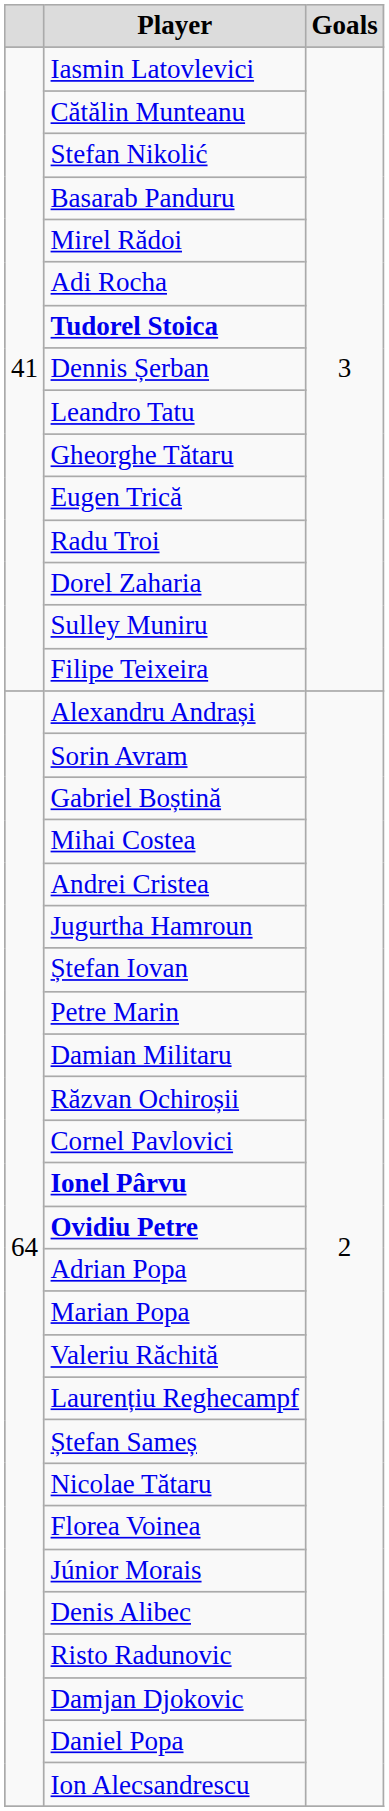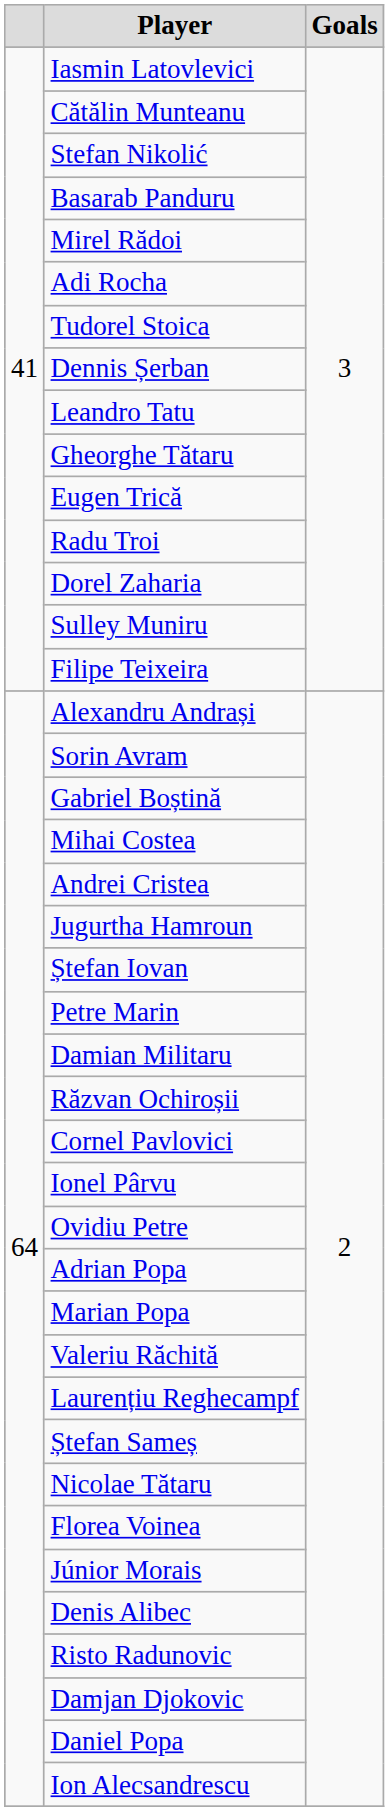 <table border="0" class="wikitable">
 <tr>
 <th width="15" style="background:#DCDCDC"></th>
 <th style="background:#DCDCDC">Player</th>
 <th style="background:#DCDCDC">Goals</th>
 </tr>
 <tr>
 <td rowspan="15" align=left>41</td>
 <td><a href='#'>Iasmin Latovlevici</a></td>
 <td rowspan="15" align=center>3</td>
 </tr>
 <tr>
 <td><a href='#'>Cătălin Munteanu</a></td>
 </tr>
 <tr>
 <td> <a href='#'>Stefan Nikolić</a></td>
 </tr>
 <tr>
 <td><a href='#'>Basarab Panduru</a></td>
 </tr>
 <tr>
 <td><a href='#'>Mirel Rădoi</a></td>
 </tr>
 <tr>
 <td> <a href='#'>Adi Rocha</a></td>
 </tr>
 <tr>
-<td><strong><a href='#'>Tudorel Stoica</a></strong></td>
+<td><a href='#'>Tudorel Stoica</a></td>
 </tr>
 <tr>
 <td><a href='#'>Dennis Șerban</a></td>
 </tr>
 <tr>
 <td> <a href='#'>Leandro Tatu</a></td>
 </tr>
 <tr>
 <td><a href='#'>Gheorghe Tătaru</a></td>
 </tr>
 <tr>
 <td><a href='#'>Eugen Trică</a></td>
 </tr>
 <tr>
 <td><a href='#'>Radu Troi</a></td>
 </tr>
 <tr>
 <td><a href='#'>Dorel Zaharia</a></td>
 </tr>
 <tr>
 <td> <a href='#'>Sulley Muniru</a></td>
 </tr>
 <tr>
 <td> <a href='#'>Filipe Teixeira</a></td>
 </tr>
 <tr>
 <td rowspan="26" align=left>64</td>
 <td><a href='#'>Alexandru Andrași</a></td>
 <td rowspan="26" align=center>2</td>
 </tr>
 <tr>
 <td><a href='#'>Sorin Avram</a></td>
 </tr>
 <tr>
 <td><a href='#'>Gabriel Boștină</a></td>
 </tr>
 <tr>
 <td><a href='#'>Mihai Costea</a></td>
 </tr>
 <tr>
 <td><a href='#'>Andrei Cristea</a></td>
 </tr>
 <tr>
 <td> <a href='#'>Jugurtha Hamroun</a></td>
 </tr>
 <tr>
 <td><a href='#'>Ștefan Iovan</a></td>
 </tr>
 <tr>
 <td><a href='#'>Petre Marin</a></td>
 </tr>
 <tr>
 <td><a href='#'>Damian Militaru</a></td>
 </tr>
 <tr>
 <td><a href='#'>Răzvan Ochiroșii</a></td>
 </tr>
 <tr>
 <td><a href='#'>Cornel Pavlovici</a></td>
 </tr>
 <tr>
-<td><strong><a href='#'>Ionel Pârvu</a></strong></td>
+<td><a href='#'>Ionel Pârvu</a></td>
 </tr>
 <tr>
-<td><strong><a href='#'>Ovidiu Petre</a></strong></td>
+<td><a href='#'>Ovidiu Petre</a></td>
 </tr>
 <tr>
 <td><a href='#'>Adrian Popa</a></td>
 </tr>
 <tr>
 <td><a href='#'>Marian Popa</a></td>
 </tr>
 <tr>
 <td><a href='#'>Valeriu Răchită</a></td>
 </tr>
 <tr>
 <td><a href='#'>Laurențiu Reghecampf</a></td>
 </tr>
 <tr>
 <td><a href='#'>Ștefan Sameș</a></td>
 </tr>
 <tr>
 <td><a href='#'>Nicolae Tătaru</a></td>
 </tr>
 <tr>
 <td><a href='#'>Florea Voinea</a></td>
 </tr>
 <tr>
 <td> <a href='#'>Júnior Morais</a></td>
 </tr>
 <tr>
 <td><a href='#'>Denis Alibec</a></td>
 </tr>
 <tr>
 <td> <a href='#'>Risto Radunovic</a></td>
 </tr>
 <tr>
 <td> <a href='#'>Damjan Djokovic</a></td>
 </tr>
 <tr>
 <td><a href='#'>Daniel Popa</a></td>
 </tr>
 <tr>
 <td><a href='#'>Ion Alecsandrescu</a></td>
 </tr>
 <tr>
 </tr>
 </table>
